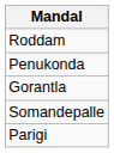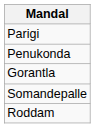 <table class="wikitable sortable static-row-numbers static-row-header-hash">
 <tr>
 <th>Mandal</th>
 </tr>
 <tr>
-<td>Roddam</td>
+<td>Parigi</td>
 </tr>
 <tr>
 <td>Penukonda</td>
 </tr>
 <tr>
 <td>Gorantla</td>
 </tr>
 <tr>
 <td>Somandepalle</td>
 </tr>
 <tr>
-<td>Parigi</td>
+<td>Roddam</td>
 </tr>
 </table>
